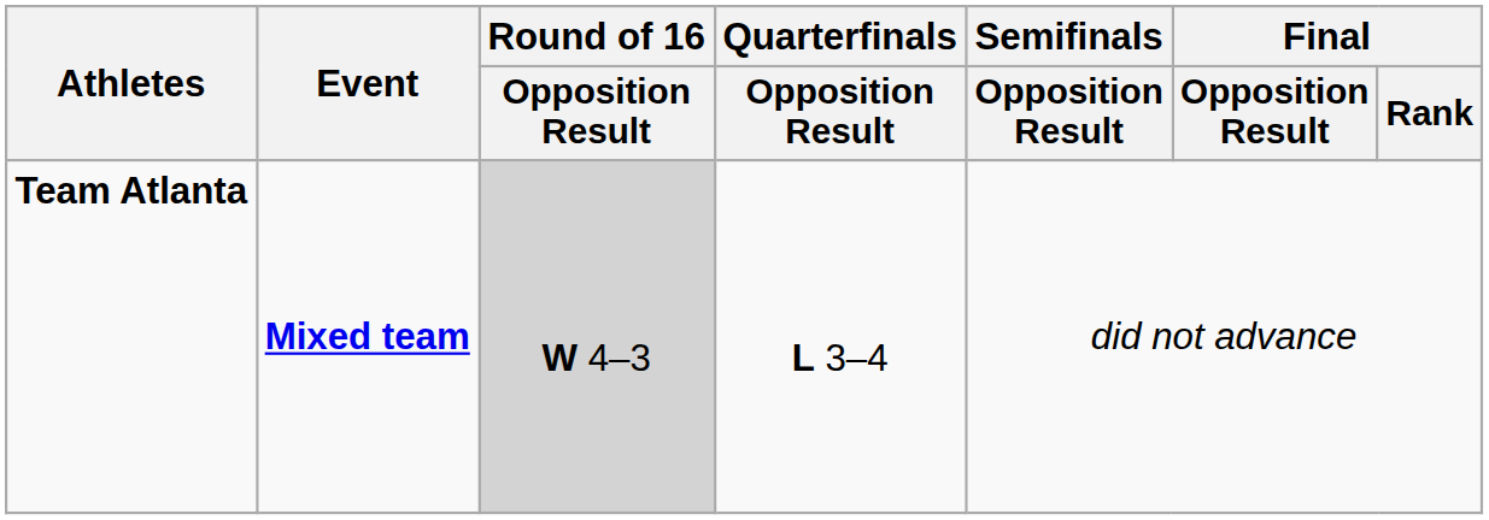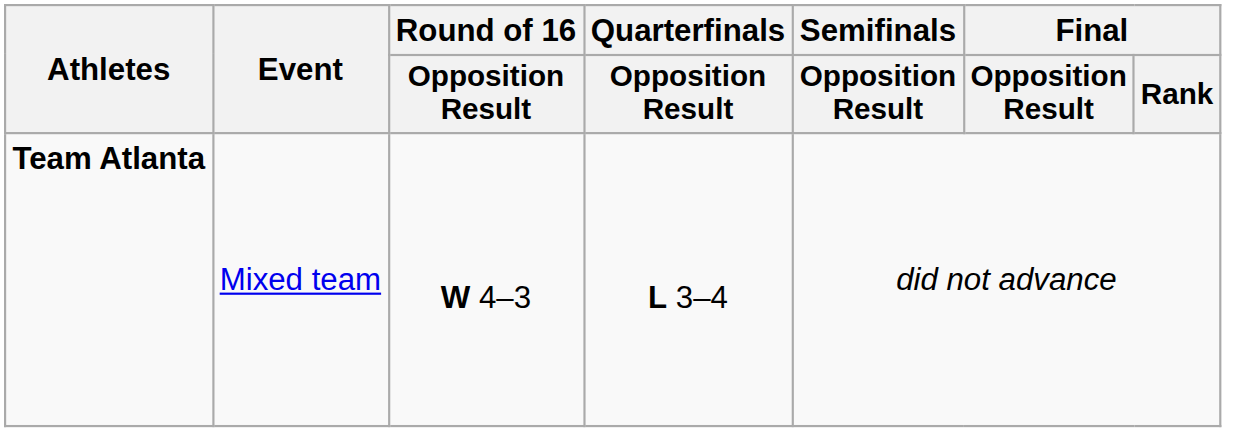 <table class="wikitable" style="font-size:90%">
 <tr>
 <th rowspan=2>Athletes</th>
 <th rowspan=2>Event</th>
 <th>Round of 16</th>
 <th>Quarterfinals</th>
 <th>Semifinals</th>
 <th colspan=2>Final</th>
 </tr>
 <tr style="font-size:95%">
 <th>Opposition<br>Result</th>
 <th>Opposition<br>Result</th>
 <th>Opposition<br>Result</th>
 <th>Opposition<br>Result</th>
 <th>Rank</th>
 </tr>
 <tr align=center>
 <td align=left><strong>Team Atlanta</strong><br><br> <br><br><br><br><br><br></td>
-<td align=left><strong><a href='#'>Mixed team</a></strong></td>
-<td style="background: lightgrey;"><br><strong>W</strong> 4–3</td>
+<td align=left><a href='#'>Mixed team</a></td>
+<td><br><strong>W</strong> 4–3</td>
 <td><br><strong>L</strong> 3–4</td>
 <td Colspan=3><em>did not advance</em></td>
 </tr>
 </table>
